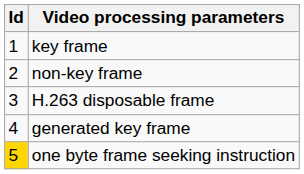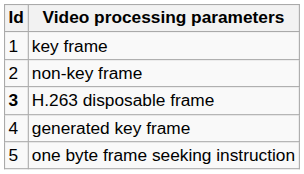 <table class="wikitable">
 <tr>
 <th>Id</th>
 <th>Video processing parameters</th>
 </tr>
 <tr>
 <td>1</td>
 <td>key frame</td>
 </tr>
 <tr>
 <td>2</td>
 <td>non-key frame</td>
 </tr>
 <tr>
-<td>3</td>
+<td><strong>3</strong></td>
 <td>H.263 disposable frame</td>
 </tr>
 <tr>
 <td>4</td>
 <td>generated key frame</td>
 </tr>
 <tr>
-<td style="background: gold;">5</td>
+<td>5</td>
 <td>one byte frame seeking instruction</td>
 </tr>
 </table>
